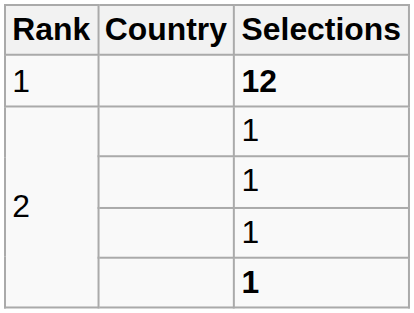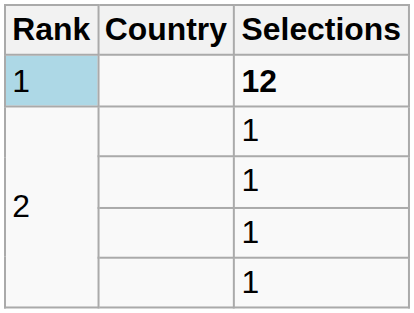 <table class="wikitable">
 <tr>
 <th>Rank</th>
 <th>Country</th>
 <th>Selections</th>
 </tr>
 <tr>
-<td>1</td>
+<td style="background: lightblue;">1</td>
 <td></td>
 <td><strong>12</strong></td>
 </tr>
 <tr>
 <td rowspan="4">2</td>
 <td></td>
 <td>1</td>
 </tr>
 <tr>
 <td></td>
 <td>1</td>
 </tr>
 <tr>
 <td></td>
 <td>1</td>
 </tr>
 <tr>
 <td></td>
-<td><strong>1</strong></td>
+<td>1</td>
 </tr>
 </table>
